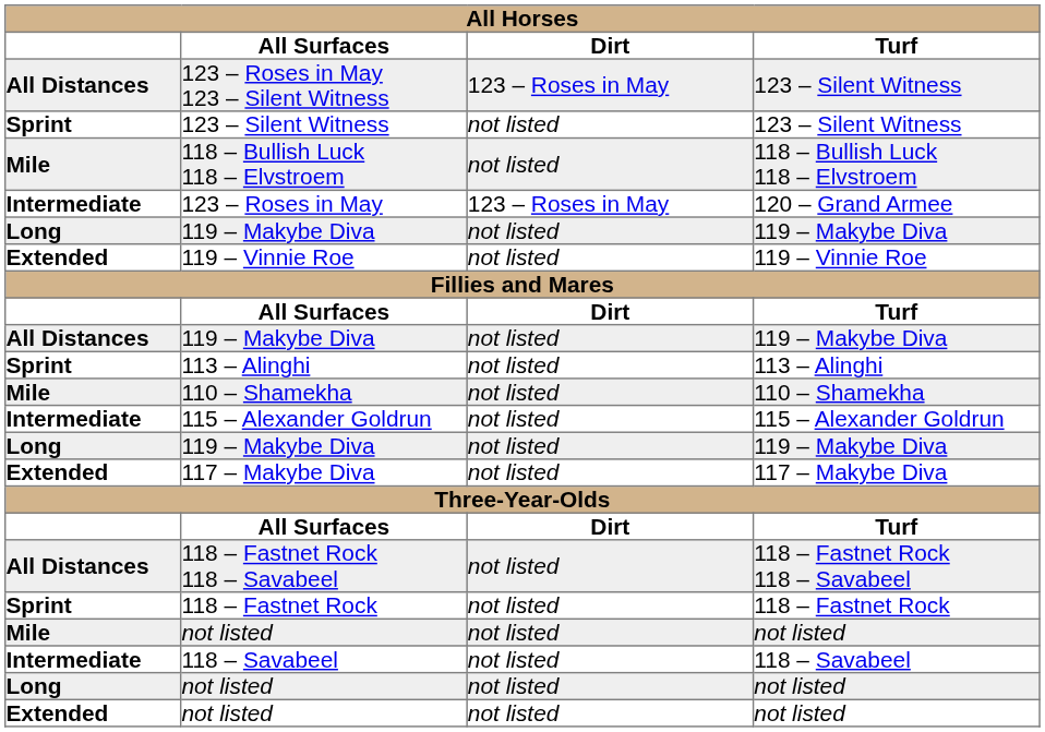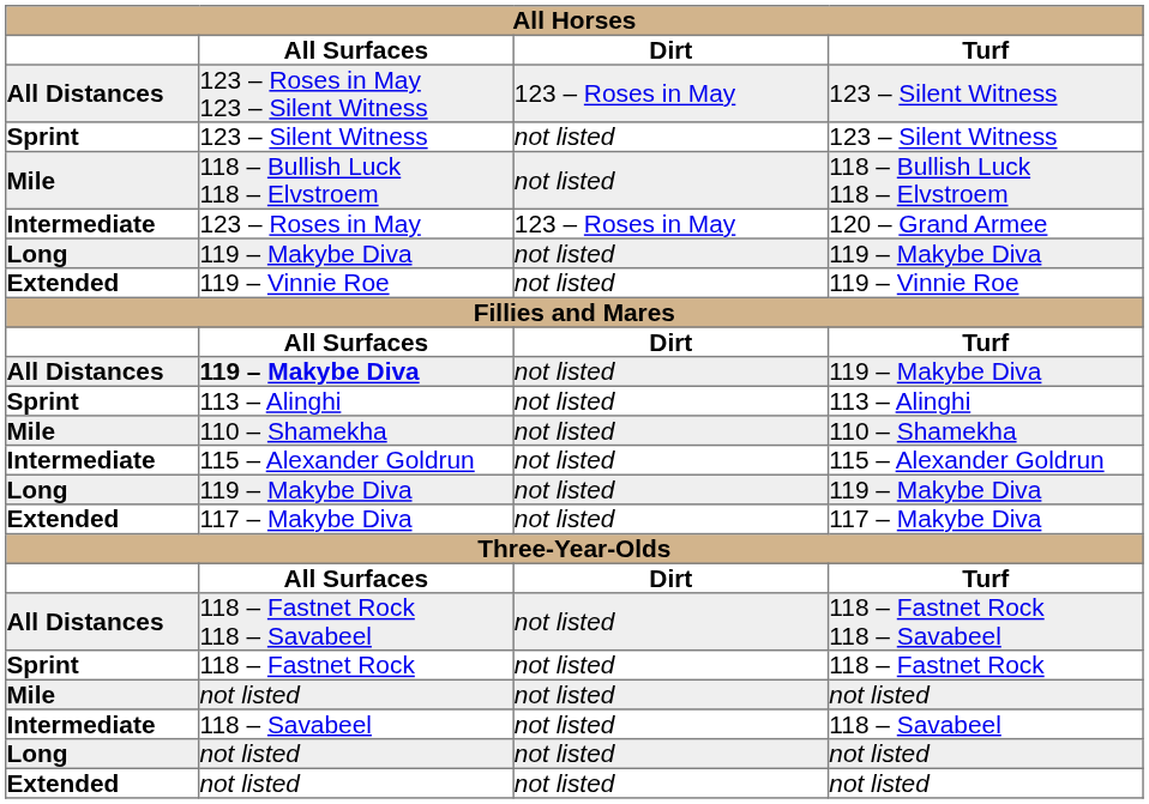 <table border="1" cellpadding="0" style="border-collapse: collapse; font-size:90%">
 <tr align="center">
 <td bgcolor="#D2B48C" colspan="4"><strong>All Horses</strong></td>
 </tr>
 <tr>
 <th width="110px"></th>
 <th width="180px">All Surfaces</th>
 <th width="180px">Dirt</th>
 <th width="180px">Turf</th>
 </tr>
 <tr bgcolor="#EFEFEF">
 <td><strong>All Distances</strong></td>
 <td>123 – <a href='#'>Roses in May</a> <br> 123 – <a href='#'>Silent Witness</a></td>
 <td>123 – <a href='#'>Roses in May</a></td>
 <td>123 – <a href='#'>Silent Witness</a></td>
 </tr>
 <tr>
 <td><strong>Sprint</strong></td>
 <td>123 – <a href='#'>Silent Witness</a></td>
 <td><em>not listed</em></td>
 <td>123 – <a href='#'>Silent Witness</a></td>
 </tr>
 <tr bgcolor="#EFEFEF">
 <td><strong>Mile</strong></td>
 <td>118 – <a href='#'>Bullish Luck</a> <br> 118 – <a href='#'>Elvstroem</a></td>
 <td><em>not listed</em></td>
 <td>118 – <a href='#'>Bullish Luck</a> <br> 118 – <a href='#'>Elvstroem</a></td>
 </tr>
 <tr>
 <td><strong>Intermediate</strong></td>
 <td>123 – <a href='#'>Roses in May</a></td>
 <td>123 – <a href='#'>Roses in May</a></td>
 <td>120 – <a href='#'>Grand Armee</a></td>
 </tr>
 <tr bgcolor="#EFEFEF">
 <td><strong>Long</strong></td>
 <td>119 – <a href='#'>Makybe Diva</a></td>
 <td><em>not listed</em></td>
 <td>119 – <a href='#'>Makybe Diva</a></td>
 </tr>
 <tr>
 <td><strong>Extended</strong></td>
 <td>119 – <a href='#'>Vinnie Roe</a></td>
 <td><em>not listed</em></td>
 <td>119 – <a href='#'>Vinnie Roe</a></td>
 </tr>
 <tr align="center">
 <td bgcolor="#D2B48C" colspan="4"><strong>Fillies and Mares</strong></td>
 </tr>
 <tr>
 <th></th>
 <th>All Surfaces</th>
 <th>Dirt</th>
 <th>Turf</th>
 </tr>
 <tr bgcolor="#EFEFEF">
 <td><strong>All Distances</strong></td>
-<td>119 – <a href='#'>Makybe Diva</a></td>
+<td><strong>119 – <a href='#'>Makybe Diva</a></strong></td>
 <td><em>not listed</em></td>
 <td>119 – <a href='#'>Makybe Diva</a></td>
 </tr>
 <tr>
 <td><strong>Sprint</strong></td>
 <td>113 – <a href='#'>Alinghi</a></td>
 <td><em>not listed</em></td>
 <td>113 – <a href='#'>Alinghi</a></td>
 </tr>
 <tr bgcolor="#EFEFEF">
 <td><strong>Mile</strong></td>
 <td>110 – <a href='#'>Shamekha</a></td>
 <td><em>not listed</em></td>
 <td>110 – <a href='#'>Shamekha</a></td>
 </tr>
 <tr>
 <td><strong>Intermediate</strong></td>
 <td>115 – <a href='#'>Alexander Goldrun</a></td>
 <td><em>not listed</em></td>
 <td>115 – <a href='#'>Alexander Goldrun</a></td>
 </tr>
 <tr bgcolor="#EFEFEF">
 <td><strong>Long</strong></td>
 <td>119 – <a href='#'>Makybe Diva</a></td>
 <td><em>not listed</em></td>
 <td>119 – <a href='#'>Makybe Diva</a></td>
 </tr>
 <tr>
 <td><strong>Extended</strong></td>
 <td>117 – <a href='#'>Makybe Diva</a></td>
 <td><em>not listed</em></td>
 <td>117 – <a href='#'>Makybe Diva</a></td>
 </tr>
 <tr align="center">
 <td bgcolor="#D2B48C" colspan="4"><strong>Three-Year-Olds</strong></td>
 </tr>
 <tr>
 <th></th>
 <th>All Surfaces</th>
 <th>Dirt</th>
 <th>Turf</th>
 </tr>
 <tr bgcolor="#EFEFEF">
 <td><strong>All Distances</strong></td>
 <td>118 – <a href='#'>Fastnet Rock</a> <br> 118 – <a href='#'>Savabeel</a></td>
 <td><em>not listed</em></td>
 <td>118 – <a href='#'>Fastnet Rock</a> <br> 118 – <a href='#'>Savabeel</a></td>
 </tr>
 <tr>
 <td><strong>Sprint</strong></td>
 <td>118 – <a href='#'>Fastnet Rock</a></td>
 <td><em>not listed</em></td>
 <td>118 – <a href='#'>Fastnet Rock</a></td>
 </tr>
 <tr bgcolor="#EFEFEF">
 <td><strong>Mile</strong></td>
 <td><em>not listed</em></td>
 <td><em>not listed</em></td>
 <td><em>not listed</em></td>
 </tr>
 <tr>
 <td><strong>Intermediate</strong></td>
 <td>118 – <a href='#'>Savabeel</a></td>
 <td><em>not listed</em></td>
 <td>118 – <a href='#'>Savabeel</a></td>
 </tr>
 <tr bgcolor="#EFEFEF">
 <td><strong>Long</strong></td>
 <td><em>not listed</em></td>
 <td><em>not listed</em></td>
 <td><em>not listed</em></td>
 </tr>
 <tr>
 <td><strong>Extended</strong></td>
 <td><em>not listed</em></td>
 <td><em>not listed</em></td>
 <td><em>not listed</em></td>
 </tr>
 </table>
